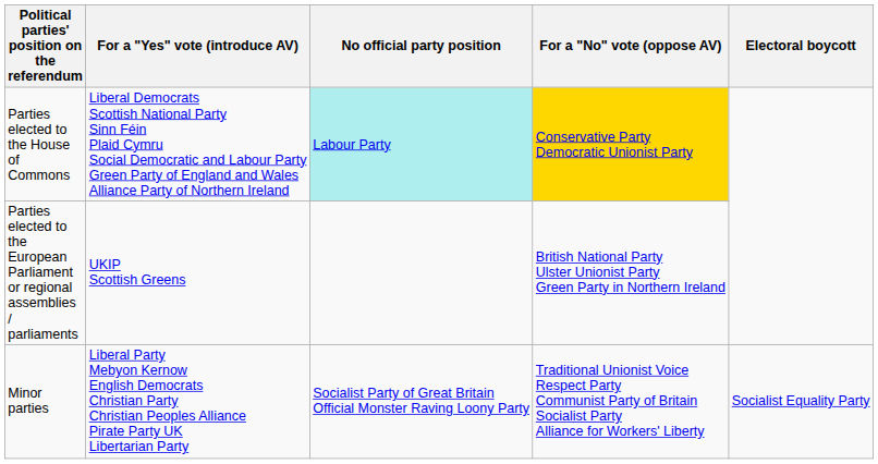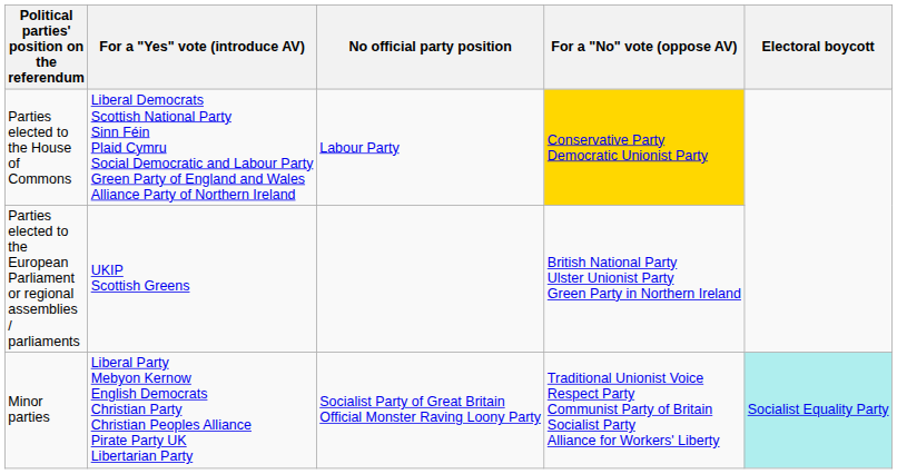 <table class="wikitable sortable">
 <tr>
 <th width="120 pt">Political parties' position on the referendum</th>
 <th>For a "Yes" vote (introduce AV)</th>
 <th>No official party position</th>
 <th>For a "No" vote (oppose AV)</th>
 <th>Electoral boycott</th>
 </tr>
 <tr>
 <td>Parties elected to the House of Commons</td>
 <td nowrap><a href='#'>Liberal Democrats</a><br><a href='#'>Scottish National Party</a><br><a href='#'>Sinn Féin</a><br><a href='#'>Plaid Cymru</a><br><a href='#'>Social Democratic and Labour Party</a><br><a href='#'>Green Party of England and Wales</a><br><a href='#'>Alliance Party of Northern Ireland</a></td>
-<td nowrap style="background: paleturquoise;"><a href='#'>Labour Party</a></td>
+<td nowrap><a href='#'>Labour Party</a></td>
 <td nowrap style="background: gold;"><a href='#'>Conservative Party</a><br><a href='#'>Democratic Unionist Party</a></td>
 </tr>
 <tr>
 <td>Parties elected to the European Parliament or regional assemblies / parliaments</td>
 <td nowrap><a href='#'>UKIP</a><br><a href='#'>Scottish Greens</a></td>
 <td></td>
 <td nowrap><a href='#'>British National Party</a><br><a href='#'>Ulster Unionist Party</a><br><a href='#'>Green Party in Northern Ireland</a></td>
 </tr>
 <tr>
 <td>Minor parties</td>
 <td nowrap><a href='#'>Liberal Party</a><br><a href='#'>Mebyon Kernow</a> <br><a href='#'>English Democrats</a><br><a href='#'>Christian Party</a><br><a href='#'>Christian Peoples Alliance</a><br><a href='#'>Pirate Party UK</a><br><a href='#'>Libertarian Party</a></td>
 <td nowrap><a href='#'>Socialist Party of Great Britain</a><br><a href='#'>Official Monster Raving Loony Party</a></td>
 <td nowrap><a href='#'>Traditional Unionist Voice</a><br><a href='#'>Respect Party</a><br><a href='#'>Communist Party of Britain</a><br><a href='#'>Socialist Party</a><br><a href='#'>Alliance for Workers' Liberty</a></td>
-<td nowrap><a href='#'>Socialist Equality Party</a></td>
+<td nowrap style="background: paleturquoise;"><a href='#'>Socialist Equality Party</a></td>
 </tr>
 </table>
